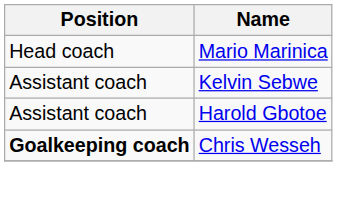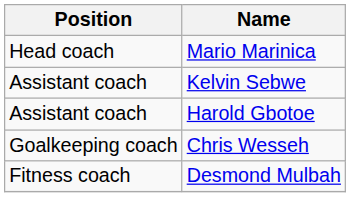 <table class="wikitable" style="text-align:center;">
 <tr>
 <th>Position</th>
 <th>Name</th>
 </tr>
 <tr>
 <td style="text-align:left;">Head coach</td>
 <td style="text-align:left;"> <a href='#'>Mario Marinica</a></td>
 </tr>
 <tr>
 <td style="text-align:left;">Assistant coach</td>
 <td style="text-align:left;"> <a href='#'>Kelvin Sebwe</a></td>
 </tr>
 <tr>
 <td style="text-align:left;">Assistant coach</td>
 <td style="text-align:left;"> <a href='#'>Harold Gbotoe</a></td>
 </tr>
 <tr>
-<td style="text-align:left;"><strong>Goalkeeping coach</strong></td>
+<td style="text-align:left;">Goalkeeping coach</td>
 <td style="text-align:left;"> <a href='#'>Chris Wesseh</a></td>
+</tr>
+<tr>
+<td style="text-align:left;">Fitness coach</td>
+<td style="text-align:left;"> <a href='#'>Desmond Mulbah</a></td>
 </tr>
 <tr>
 </tr>
 </table>
